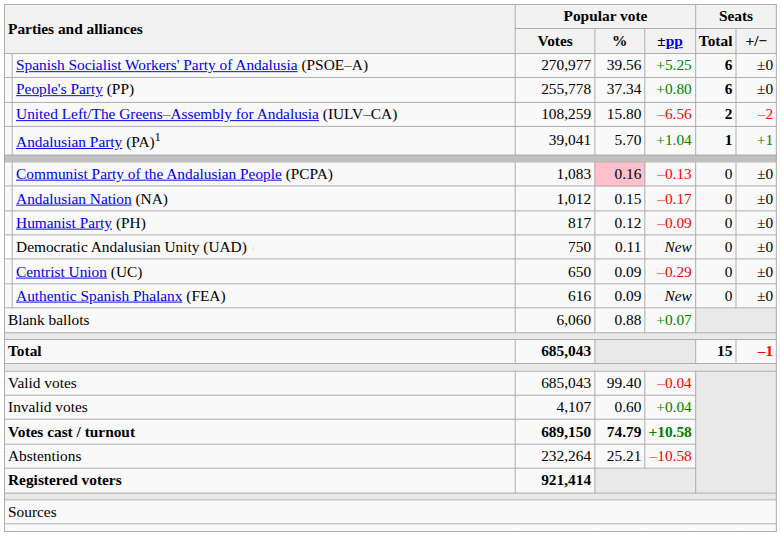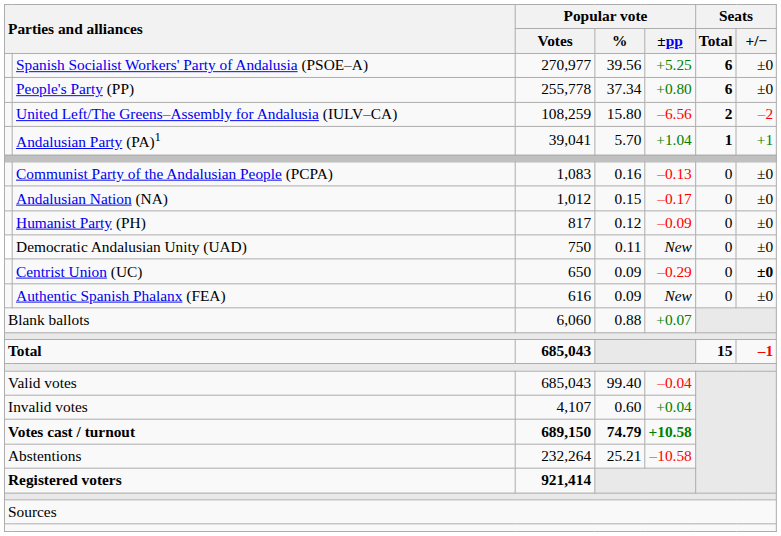 <table class="wikitable" style="text-align:right;">
 <tr>
 <th style="text-align:left;" rowspan="2" colspan="2" width="525">Parties and alliances</th>
 <th colspan="3">Popular vote</th>
 <th colspan="2">Seats</th>
 </tr>
 <tr>
 <th width="75">Votes</th>
 <th width="45">%</th>
 <th width="45">±<a href='#'>pp</a></th>
 <th width="35">Total</th>
 <th width="35">+/−</th>
 </tr>
 <tr>
 <td width="1" style="color:inherit;background:"></td>
 <td align="left"><a href='#'>Spanish Socialist Workers' Party of Andalusia</a> (PSOE–A)</td>
 <td>270,977</td>
 <td>39.56</td>
 <td style="color:green;">+5.25</td>
 <td><strong>6</strong></td>
 <td>±0</td>
 </tr>
 <tr>
 <td style="color:inherit;background:"></td>
 <td align="left"><a href='#'>People's Party</a> (PP)</td>
 <td>255,778</td>
 <td>37.34</td>
 <td style="color:green;">+0.80</td>
 <td><strong>6</strong></td>
 <td>±0</td>
 </tr>
 <tr>
 <td style="color:inherit;background:"></td>
 <td align="left"><a href='#'>United Left/The Greens–Assembly for Andalusia</a> (IULV–CA)</td>
 <td>108,259</td>
 <td>15.80</td>
 <td style="color:red;">–6.56</td>
 <td><strong>2</strong></td>
 <td style="color:red;">–2</td>
 </tr>
 <tr>
 <td style="color:inherit;background:"></td>
 <td align="left"><a href='#'>Andalusian Party</a> (PA)<sup>1</sup></td>
 <td>39,041</td>
 <td>5.70</td>
 <td style="color:green;">+1.04</td>
 <td><strong>1</strong></td>
 <td style="color:green;">+1</td>
 </tr>
 <tr>
 <td colspan="7" bgcolor="#C0C0C0"></td>
 </tr>
 <tr>
 <td style="color:inherit;background:"></td>
 <td align="left"><a href='#'>Communist Party of the Andalusian People</a> (PCPA)</td>
 <td>1,083</td>
-<td style="background: pink;">0.16</td>
+<td>0.16</td>
 <td style="color:red;">–0.13</td>
 <td>0</td>
 <td>±0</td>
 </tr>
 <tr>
 <td style="color:inherit;background:"></td>
 <td align="left"><a href='#'>Andalusian Nation</a> (NA)</td>
 <td>1,012</td>
 <td>0.15</td>
 <td style="color:red;">–0.17</td>
 <td>0</td>
 <td>±0</td>
 </tr>
 <tr>
 <td style="color:inherit;background:"></td>
 <td align="left"><a href='#'>Humanist Party</a> (PH)</td>
 <td>817</td>
 <td>0.12</td>
 <td style="color:red;">–0.09</td>
 <td>0</td>
 <td>±0</td>
 </tr>
 <tr>
 <td bgcolor="white"></td>
 <td align="left">Democratic Andalusian Unity (UAD)</td>
 <td>750</td>
 <td>0.11</td>
 <td><em>New</em></td>
 <td>0</td>
 <td>±0</td>
 </tr>
 <tr>
 <td style="color:inherit;background:"></td>
 <td align="left"><a href='#'>Centrist Union</a> (UC)</td>
 <td>650</td>
 <td>0.09</td>
 <td style="color:red;">–0.29</td>
 <td>0</td>
-<td>±0</td>
+<td><strong>±0</strong></td>
 </tr>
 <tr>
 <td style="color:inherit;background:"></td>
 <td align="left"><a href='#'>Authentic Spanish Phalanx</a> (FEA)</td>
 <td>616</td>
 <td>0.09</td>
 <td><em>New</em></td>
 <td>0</td>
 <td>±0</td>
 </tr>
 <tr>
 <td align="left" colspan="2">Blank ballots</td>
 <td>6,060</td>
 <td>0.88</td>
 <td style="color:green;">+0.07</td>
 <td bgcolor="#E9E9E9" colspan="2"></td>
 </tr>
 <tr>
 <td colspan="7" bgcolor="#E9E9E9"></td>
 </tr>
 <tr style="font-weight:bold;">
 <td align="left" colspan="2">Total</td>
 <td>685,043</td>
 <td bgcolor="#E9E9E9" colspan="2"></td>
 <td>15</td>
 <td style="color:red;">–1</td>
 </tr>
 <tr>
 <td colspan="7" bgcolor="#E9E9E9"></td>
 </tr>
 <tr>
 <td align="left" colspan="2">Valid votes</td>
 <td>685,043</td>
 <td>99.40</td>
 <td style="color:red;">–0.04</td>
 <td bgcolor="#E9E9E9" colspan="2" rowspan="5"></td>
 </tr>
 <tr>
 <td align="left" colspan="2">Invalid votes</td>
 <td>4,107</td>
 <td>0.60</td>
 <td style="color:green;">+0.04</td>
 </tr>
 <tr style="font-weight:bold;">
 <td align="left" colspan="2">Votes cast / turnout</td>
 <td>689,150</td>
 <td>74.79</td>
 <td style="color:green;">+10.58</td>
 </tr>
 <tr>
 <td align="left" colspan="2">Abstentions</td>
 <td>232,264</td>
 <td>25.21</td>
 <td style="color:red;">–10.58</td>
 </tr>
 <tr style="font-weight:bold;">
 <td align="left" colspan="2">Registered voters</td>
 <td>921,414</td>
 <td bgcolor="#E9E9E9" colspan="2"></td>
 </tr>
 <tr>
 <td colspan="7" bgcolor="#E9E9E9"></td>
 </tr>
 <tr>
 <td align="left" colspan="7">Sources</td>
 </tr>
 <tr>
 <td colspan="7" style="text-align:left; max-width:790px;"></td>
 </tr>
 </table>
